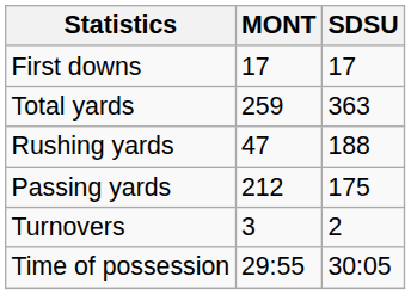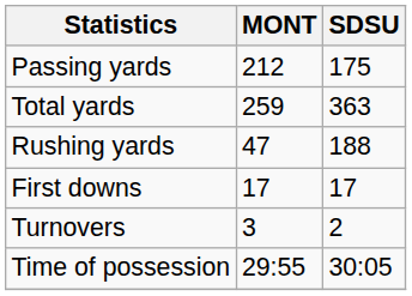 <table class="wikitable">
 <tr>
 <th>Statistics</th>
 <th>MONT</th>
 <th>SDSU</th>
 </tr>
 <tr>
-<td>First downs</td>
-<td>17</td>
-<td>17</td>
+<td>Passing yards</td>
+<td>212</td>
+<td>175</td>
 </tr>
 <tr>
 <td>Total yards</td>
 <td>259</td>
 <td>363</td>
 </tr>
 <tr>
 <td>Rushing yards</td>
 <td>47</td>
 <td>188</td>
 </tr>
 <tr>
-<td>Passing yards</td>
-<td>212</td>
-<td>175</td>
+<td>First downs</td>
+<td>17</td>
+<td>17</td>
 </tr>
 <tr>
 <td>Turnovers</td>
 <td>3</td>
 <td>2</td>
 </tr>
 <tr>
 <td>Time of possession</td>
 <td>29:55</td>
 <td>30:05</td>
 </tr>
 <tr>
 </tr>
 </table>
